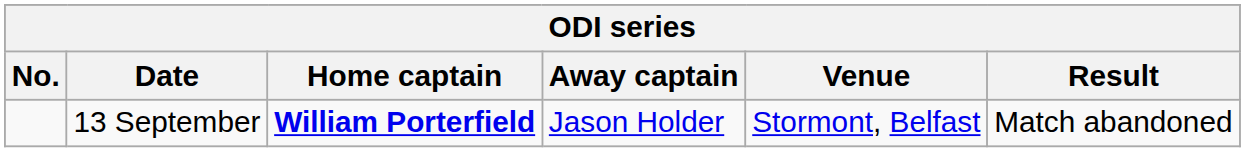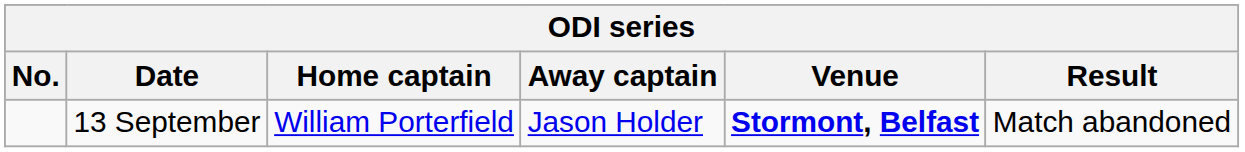 <table class="wikitable">
 <tr>
 <th colspan="6">ODI series</th>
 </tr>
 <tr>
 <th>No.</th>
 <th>Date</th>
 <th>Home captain</th>
 <th>Away captain</th>
 <th>Venue</th>
 <th>Result</th>
 </tr>
 <tr>
 <td></td>
 <td>13 September</td>
-<td><strong><a href='#'>William Porterfield</a></strong></td>
+<td><a href='#'>William Porterfield</a></td>
 <td><a href='#'>Jason Holder</a></td>
-<td><a href='#'>Stormont</a>, <a href='#'>Belfast</a></td>
+<td><strong><a href='#'>Stormont</a>, <a href='#'>Belfast</a></strong></td>
 <td>Match abandoned</td>
 </tr>
 </table>
